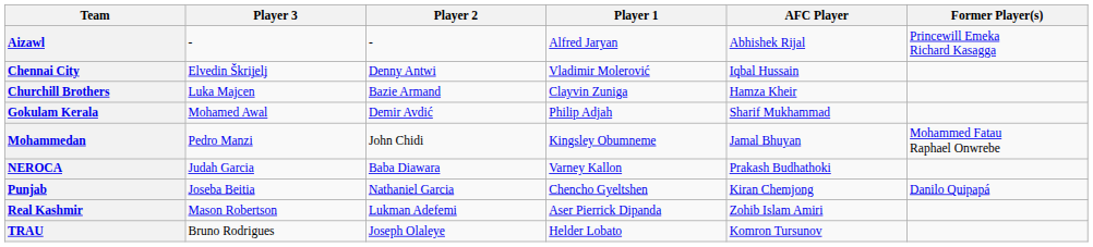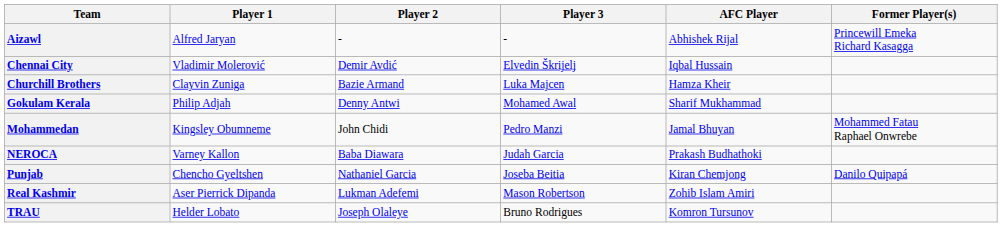 <table class="wikitable" style="font-size:90%;">
 <tr>
 <th scope=col width="200">Team</th>
+<th scope=col width="200">Player 1</th>
+<th scope=col width="200">Player 2</th>
 <th scope=col width="200">Player 3</th>
-<th scope=col width="200">Player 2</th>
-<th scope=col width="200">Player 1</th>
 <th scope=col width="200">AFC Player</th>
 <th scope=col width="200">Former Player(s)</th>
 </tr>
 <tr>
 <th scope=row style="text-align: left;"><a href='#'>Aizawl</a></th>
+<td> <a href='#'>Alfred Jaryan</a></td>
 <td>-</td>
 <td>-</td>
-<td> <a href='#'>Alfred Jaryan</a></td>
 <td> <a href='#'>Abhishek Rijal</a></td>
 <td> <a href='#'>Princewill Emeka</a><br>  <a href='#'>Richard Kasagga</a></td>
 </tr>
 <tr>
 <th scope=row style="text-align: left;"><a href='#'>Chennai City</a></th>
+<td> <a href='#'>Vladimir Molerović</a></td>
+<td> <a href='#'>Demir Avdić</a></td>
 <td> <a href='#'>Elvedin Škrijelj</a></td>
-<td> <a href='#'>Denny Antwi</a></td>
-<td> <a href='#'>Vladimir Molerović</a></td>
 <td> <a href='#'>Iqbal Hussain</a></td>
 <td></td>
 </tr>
 <tr>
 <th scope=row style="text-align: left;"><a href='#'>Churchill Brothers</a></th>
+<td> <a href='#'>Clayvin Zuniga</a></td>
+<td> <a href='#'>Bazie Armand</a></td>
 <td> <a href='#'>Luka Majcen</a></td>
-<td> <a href='#'>Bazie Armand</a></td>
-<td> <a href='#'>Clayvin Zuniga</a></td>
 <td> <a href='#'>Hamza Kheir</a></td>
 <td></td>
 </tr>
 <tr>
 <th scope=row style="text-align: left;"><a href='#'>Gokulam Kerala</a></th>
+<td> <a href='#'>Philip Adjah</a></td>
+<td> <a href='#'>Denny Antwi</a></td>
 <td> <a href='#'>Mohamed Awal</a></td>
-<td> <a href='#'>Demir Avdić</a></td>
-<td> <a href='#'>Philip Adjah</a></td>
 <td> <a href='#'>Sharif Mukhammad</a></td>
 <td></td>
 </tr>
 <tr>
 <th scope=row style="text-align: left;"><a href='#'>Mohammedan</a></th>
+<td> <a href='#'>Kingsley Obumneme</a></td>
+<td> John Chidi</td>
 <td> <a href='#'>Pedro Manzi</a></td>
-<td> John Chidi</td>
-<td> <a href='#'>Kingsley Obumneme</a></td>
 <td> <a href='#'>Jamal Bhuyan</a></td>
 <td> <a href='#'>Mohammed Fatau</a> <br>  Raphael Onwrebe</td>
 </tr>
 <tr>
 <th scope=row style="text-align: left;"><a href='#'>NEROCA</a></th>
+<td> <a href='#'>Varney Kallon</a></td>
+<td> <a href='#'>Baba Diawara</a></td>
 <td> <a href='#'>Judah Garcia</a></td>
-<td> <a href='#'>Baba Diawara</a></td>
-<td> <a href='#'>Varney Kallon</a></td>
 <td> <a href='#'>Prakash Budhathoki</a></td>
 <td></td>
 </tr>
 <tr>
 <th scope=row style="text-align: left;"><a href='#'>Punjab</a></th>
+<td> <a href='#'>Chencho Gyeltshen</a></td>
+<td> <a href='#'>Nathaniel Garcia</a></td>
 <td> <a href='#'>Joseba Beitia</a></td>
-<td> <a href='#'>Nathaniel Garcia</a></td>
-<td> <a href='#'>Chencho Gyeltshen</a></td>
 <td> <a href='#'>Kiran Chemjong</a></td>
 <td> <a href='#'>Danilo Quipapá</a></td>
 </tr>
 <tr>
 <th scope=row style="text-align: left;"><a href='#'>Real Kashmir</a></th>
+<td> <a href='#'>Aser Pierrick Dipanda</a></td>
+<td> <a href='#'>Lukman Adefemi</a></td>
 <td> <a href='#'>Mason Robertson</a></td>
-<td> <a href='#'>Lukman Adefemi</a></td>
-<td> <a href='#'>Aser Pierrick Dipanda</a></td>
 <td> <a href='#'>Zohib Islam Amiri</a></td>
 <td></td>
 </tr>
 <tr>
 <th scope=row style="text-align: left;"><a href='#'>TRAU</a></th>
+<td> <a href='#'>Helder Lobato</a></td>
+<td> <a href='#'>Joseph Olaleye</a></td>
 <td> Bruno Rodrigues</td>
-<td> <a href='#'>Joseph Olaleye</a></td>
-<td> <a href='#'>Helder Lobato</a></td>
 <td> <a href='#'>Komron Tursunov</a></td>
 <td></td>
 </tr>
 </table>
